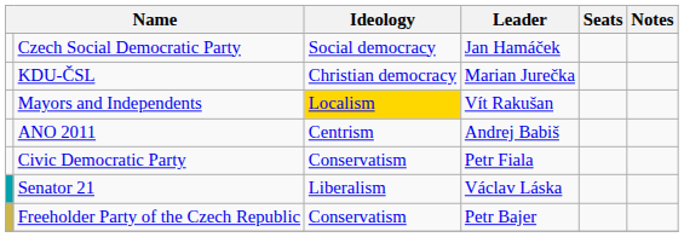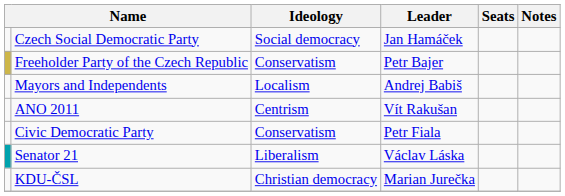 <table class="wikitable">
 <tr>
 <th colspan=2>Name</th>
 <th>Ideology</th>
 <th>Leader</th>
 <th>Seats</th>
 <th>Notes</th>
 </tr>
 <tr>
 <td style="background:"></td>
 <td><a href='#'>Czech Social Democratic Party</a></td>
 <td><a href='#'>Social democracy</a></td>
 <td><a href='#'>Jan Hamáček</a></td>
 <td></td>
 <td></td>
 </tr>
 <tr>
-<td style="background:"></td>
-<td><a href='#'>KDU-ČSL</a></td>
-<td><a href='#'>Christian democracy</a></td>
-<td><a href='#'>Marian Jurečka</a></td>
+<td style="background:#cdb649;"></td>
+<td><a href='#'>Freeholder Party of the Czech Republic</a></td>
+<td><a href='#'>Conservatism</a></td>
+<td><a href='#'>Petr Bajer</a></td>
 <td></td>
 <td></td>
 </tr>
 <tr>
 <td style="background:"></td>
 <td><a href='#'>Mayors and Independents</a></td>
-<td style="background: gold;"><a href='#'>Localism</a></td>
-<td><a href='#'>Vít Rakušan</a></td>
+<td><a href='#'>Localism</a></td>
+<td><a href='#'>Andrej Babiš</a></td>
 <td></td>
 <td></td>
 </tr>
 <tr>
 <td style="background:"></td>
 <td><a href='#'>ANO 2011</a></td>
 <td><a href='#'>Centrism</a></td>
-<td><a href='#'>Andrej Babiš</a></td>
+<td><a href='#'>Vít Rakušan</a></td>
 <td></td>
 <td></td>
 </tr>
 <tr>
 <td style="background:"></td>
 <td><a href='#'>Civic Democratic Party</a></td>
 <td><a href='#'>Conservatism</a></td>
 <td><a href='#'>Petr Fiala</a></td>
 <td></td>
 <td></td>
 </tr>
 <tr>
 <td style="background:#00A2AD;"></td>
 <td><a href='#'>Senator 21</a></td>
 <td><a href='#'>Liberalism</a></td>
 <td><a href='#'>Václav Láska</a></td>
 <td></td>
 <td></td>
 </tr>
 <tr>
-<td style="background:#cdb649;"></td>
-<td><a href='#'>Freeholder Party of the Czech Republic</a></td>
-<td><a href='#'>Conservatism</a></td>
-<td><a href='#'>Petr Bajer</a></td>
+<td style="background:"></td>
+<td><a href='#'>KDU-ČSL</a></td>
+<td><a href='#'>Christian democracy</a></td>
+<td><a href='#'>Marian Jurečka</a></td>
 <td></td>
 <td></td>
 </tr>
 <tr>
 </tr>
 </table>
